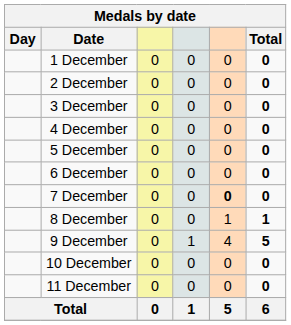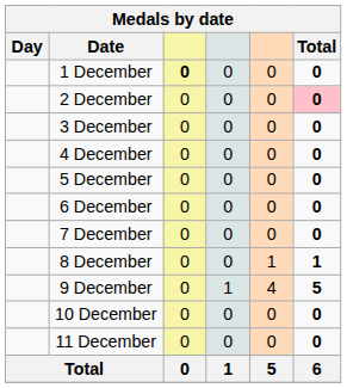 <table class="wikitable" style="font-size:90%; text-align:center;">
 <tr style="background:#efefef;">
 <th colspan=6><strong>Medals by date</strong></th>
 </tr>
 <tr>
 <th width=30><strong>Day</strong></th>
 <th width=90><strong>Date</strong></th>
 <th width=30 style="background:#F7F6A8;"></th>
 <th width=30 style="background:#DCE5E5;"></th>
 <th width=30 style="background:#FFDAB9;"></th>
 <th width=30><strong>Total</strong></th>
 </tr>
 <tr>
 <td></td>
 <td>1 December</td>
-<td style="background:#F7F6A8;">0</td>
+<td style="background:#F7F6A8;"><strong>0</strong></td>
 <td style="background:#DCE5E5;">0</td>
 <td style="background:#FFDAB9;">0</td>
 <td><strong>0</strong></td>
 </tr>
 <tr>
 <td></td>
 <td>2 December</td>
 <td style="background:#F7F6A8;">0</td>
 <td style="background:#DCE5E5;">0</td>
 <td style="background:#FFDAB9;">0</td>
-<td><strong>0</strong></td>
+<td style="background: pink;"><strong>0</strong></td>
 </tr>
 <tr>
 <td></td>
 <td>3 December</td>
 <td style="background:#F7F6A8;">0</td>
 <td style="background:#DCE5E5;">0</td>
 <td style="background:#FFDAB9;">0</td>
 <td><strong>0</strong></td>
 </tr>
 <tr>
 <td></td>
 <td>4 December</td>
 <td style="background:#F7F6A8;">0</td>
 <td style="background:#DCE5E5;">0</td>
 <td style="background:#FFDAB9;">0</td>
 <td><strong>0</strong></td>
 </tr>
 <tr>
 <td></td>
 <td>5 December</td>
 <td style="background:#F7F6A8;">0</td>
 <td style="background:#DCE5E5;">0</td>
 <td style="background:#FFDAB9;">0</td>
 <td><strong>0</strong></td>
 </tr>
 <tr>
 <td></td>
 <td>6 December</td>
 <td style="background:#F7F6A8;">0</td>
 <td style="background:#DCE5E5;">0</td>
 <td style="background:#FFDAB9;">0</td>
 <td><strong>0</strong></td>
 </tr>
 <tr>
 <td></td>
 <td>7 December</td>
 <td style="background:#F7F6A8;">0</td>
 <td style="background:#DCE5E5;">0</td>
-<td style="background:#FFDAB9;"><strong>0</strong></td>
+<td style="background:#FFDAB9;">0</td>
 <td><strong>0</strong></td>
 </tr>
 <tr>
 <td></td>
 <td>8 December</td>
 <td style="background:#F7F6A8;">0</td>
 <td style="background:#DCE5E5;">0</td>
 <td style="background:#FFDAB9;">1</td>
 <td><strong>1</strong></td>
 </tr>
 <tr>
 <td></td>
 <td>9 December</td>
 <td style="background:#F7F6A8;">0</td>
 <td style="background:#DCE5E5;">1</td>
 <td style="background:#FFDAB9;">4</td>
 <td><strong>5</strong></td>
 </tr>
 <tr>
 <td></td>
 <td>10 December</td>
 <td style="background:#F7F6A8;">0</td>
 <td style="background:#DCE5E5;">0</td>
 <td style="background:#FFDAB9;">0</td>
 <td><strong>0</strong></td>
 </tr>
 <tr>
 <td></td>
 <td>11 December</td>
 <td style="background:#F7F6A8;">0</td>
 <td style="background:#DCE5E5;">0</td>
 <td style="background:#FFDAB9;">0</td>
 <td><strong>0</strong></td>
 </tr>
 <tr>
 <th colspan="2"><strong>Total</strong></th>
 <th><strong>0</strong></th>
 <th><strong>1</strong></th>
 <th><strong>5</strong></th>
 <th><strong>6</strong></th>
 </tr>
 <tr>
 </tr>
 </table>
